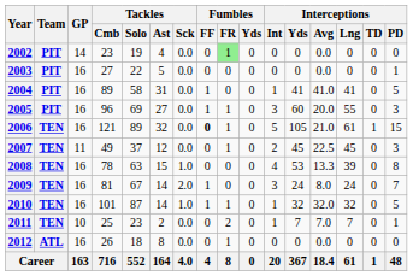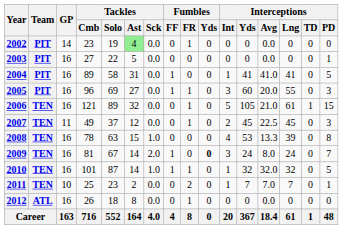 <table class="wikitable" style="text-align: center;">
 <tr>
 <th rowspan="2">Year</th>
 <th rowspan="2">Team</th>
 <th rowspan="2">GP</th>
 <th colspan="4">Tackles</th>
 <th colspan="3">Fumbles</th>
 <th colspan="6">Interceptions</th>
 </tr>
 <tr>
 <th>Cmb</th>
 <th>Solo</th>
 <th>Ast</th>
 <th>Sck</th>
 <th>FF</th>
 <th>FR</th>
 <th>Yds</th>
 <th>Int</th>
 <th>Yds</th>
 <th>Avg</th>
 <th>Lng</th>
 <th>TD</th>
 <th>PD</th>
 </tr>
 <tr>
 <th><a href='#'>2002</a></th>
 <th><a href='#'>PIT</a></th>
 <td>14</td>
 <td>23</td>
 <td>19</td>
-<td>4</td>
+<td style="background: lightgreen;">4</td>
 <td>0.0</td>
 <td>0</td>
-<td style="background: lightgreen;">1</td>
+<td>1</td>
 <td>0</td>
 <td>0</td>
 <td>0</td>
 <td>0.0</td>
 <td>0</td>
 <td>0</td>
 <td>0</td>
 </tr>
 <tr>
 <th><a href='#'>2003</a></th>
 <th><a href='#'>PIT</a></th>
 <td>16</td>
 <td>27</td>
 <td>22</td>
 <td>5</td>
 <td>0.0</td>
 <td>0</td>
 <td>0</td>
 <td>0</td>
 <td>0</td>
 <td>0</td>
 <td>0.0</td>
 <td>0</td>
 <td>0</td>
 <td>1</td>
 </tr>
 <tr>
 <th><a href='#'>2004</a></th>
 <th><a href='#'>PIT</a></th>
 <td>16</td>
 <td>89</td>
 <td>58</td>
 <td>31</td>
 <td>0.0</td>
 <td>1</td>
 <td>0</td>
 <td>0</td>
 <td>1</td>
 <td>41</td>
 <td>41.0</td>
 <td>41</td>
 <td>0</td>
 <td>5</td>
 </tr>
 <tr>
 <th><a href='#'>2005</a></th>
 <th><a href='#'>PIT</a></th>
 <td>16</td>
 <td>96</td>
 <td>69</td>
 <td>27</td>
 <td>0.0</td>
 <td>1</td>
 <td>1</td>
 <td>0</td>
 <td>3</td>
 <td>60</td>
 <td>20.0</td>
 <td>55</td>
 <td>0</td>
 <td>3</td>
 </tr>
 <tr>
 <th><a href='#'>2006</a></th>
 <th><a href='#'>TEN</a></th>
 <td>16</td>
 <td>121</td>
 <td>89</td>
 <td>32</td>
 <td>0.0</td>
-<td><strong>0</strong></td>
+<td>0</td>
 <td>1</td>
 <td>0</td>
 <td>5</td>
 <td>105</td>
 <td>21.0</td>
 <td>61</td>
 <td>1</td>
 <td>15</td>
 </tr>
 <tr>
 <th><a href='#'>2007</a></th>
 <th><a href='#'>TEN</a></th>
 <td>11</td>
 <td>49</td>
 <td>37</td>
 <td>12</td>
 <td>0.0</td>
 <td>0</td>
 <td>1</td>
 <td>0</td>
 <td>2</td>
 <td>45</td>
 <td>22.5</td>
 <td>45</td>
 <td>0</td>
 <td>3</td>
 </tr>
 <tr>
 <th><a href='#'>2008</a></th>
 <th><a href='#'>TEN</a></th>
 <td>16</td>
 <td>78</td>
 <td>63</td>
 <td>15</td>
 <td>1.0</td>
 <td>0</td>
 <td>0</td>
 <td>0</td>
 <td>4</td>
 <td>53</td>
 <td>13.3</td>
 <td>39</td>
 <td>0</td>
 <td>8</td>
 </tr>
 <tr>
 <th><a href='#'>2009</a></th>
 <th><a href='#'>TEN</a></th>
 <td>16</td>
 <td>81</td>
 <td>67</td>
 <td>14</td>
 <td>2.0</td>
 <td>1</td>
 <td>0</td>
-<td>0</td>
+<td><strong>0</strong></td>
 <td>3</td>
 <td>24</td>
 <td>8.0</td>
 <td>24</td>
 <td>0</td>
 <td>7</td>
 </tr>
 <tr>
 <th><a href='#'>2010</a></th>
 <th><a href='#'>TEN</a></th>
 <td>16</td>
 <td>101</td>
 <td>87</td>
 <td>14</td>
 <td>1.0</td>
 <td>1</td>
 <td>1</td>
 <td>0</td>
 <td>1</td>
 <td>32</td>
 <td>32.0</td>
 <td>32</td>
 <td>0</td>
 <td>5</td>
 </tr>
 <tr>
 <th><a href='#'>2011</a></th>
 <th><a href='#'>TEN</a></th>
 <td>10</td>
 <td>25</td>
 <td>23</td>
 <td>2</td>
 <td>0.0</td>
 <td>0</td>
 <td>2</td>
 <td>0</td>
 <td>1</td>
 <td>7</td>
 <td>7.0</td>
 <td>7</td>
 <td>0</td>
 <td>1</td>
 </tr>
 <tr>
 <th><a href='#'>2012</a></th>
 <th><a href='#'>ATL</a></th>
 <td>16</td>
 <td>26</td>
 <td>18</td>
 <td>8</td>
 <td>0.0</td>
 <td>0</td>
 <td>1</td>
 <td>0</td>
 <td>0</td>
 <td>0</td>
 <td>0.0</td>
 <td>0</td>
 <td>0</td>
 <td>0</td>
 </tr>
 <tr>
 <th colspan="2">Career</th>
 <th>163</th>
 <th>716</th>
 <th>552</th>
 <th>164</th>
 <th>4.0</th>
 <th>4</th>
 <th>8</th>
 <th>0</th>
 <th>20</th>
 <th>367</th>
 <th>18.4</th>
 <th>61</th>
 <th>1</th>
 <th>48</th>
 </tr>
 </table>
